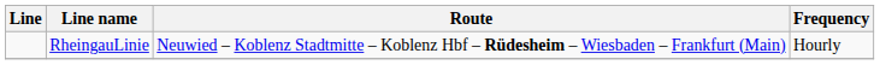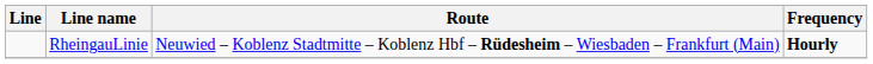 <table class="wikitable">
 <tr class="hintergrundfarbe6">
 <th>Line</th>
 <th>Line name</th>
 <th>Route</th>
 <th>Frequency</th>
 </tr>
 <tr>
 <td></td>
 <td><a href='#'>RheingauLinie</a></td>
 <td><a href='#'>Neuwied</a> – <a href='#'>Koblenz Stadtmitte</a> – Koblenz Hbf – <strong>Rüdesheim</strong> – <a href='#'>Wiesbaden</a> – <a href='#'>Frankfurt (Main)</a></td>
-<td>Hourly</td>
+<td><strong>Hourly</strong></td>
 </tr>
 <tr>
 </tr>
 </table>
